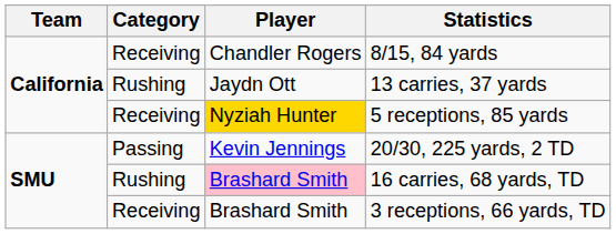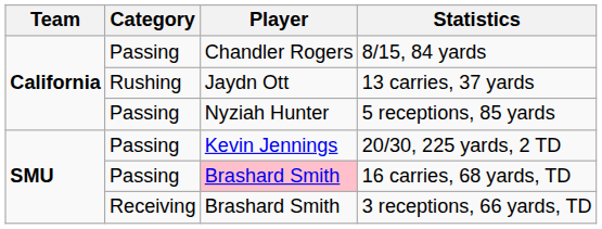 <table class="wikitable" style="float: right;">
 <tr>
 <th>Team</th>
 <th>Category</th>
 <th>Player</th>
 <th>Statistics</th>
 </tr>
 <tr>
 <td rowspan=3><strong>California</strong></td>
-<td>Receiving</td>
+<td>Passing</td>
 <td>Chandler Rogers</td>
 <td>8/15, 84 yards</td>
 </tr>
 <tr>
 <td>Rushing</td>
 <td>Jaydn Ott</td>
 <td>13 carries, 37 yards</td>
 </tr>
 <tr>
-<td>Receiving</td>
-<td style="background: gold;">Nyziah Hunter</td>
+<td>Passing</td>
+<td>Nyziah Hunter</td>
 <td>5 receptions, 85 yards</td>
 </tr>
 <tr>
 <td rowspan=3><strong>SMU</strong></td>
 <td>Passing</td>
 <td><a href='#'>Kevin Jennings</a></td>
 <td>20/30, 225 yards, 2 TD</td>
 </tr>
 <tr>
-<td>Rushing</td>
+<td>Passing</td>
 <td style="background: pink;"><a href='#'>Brashard Smith</a></td>
 <td>16 carries, 68 yards, TD</td>
 </tr>
 <tr>
 <td>Receiving</td>
 <td>Brashard Smith</td>
 <td>3 receptions, 66 yards, TD</td>
 </tr>
 </table>
